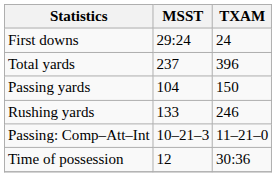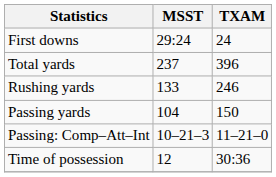 <table class="wikitable" style="float: left;">
 <tr>
 <th>Statistics</th>
 <th>MSST</th>
 <th>TXAM</th>
 </tr>
 <tr>
 <td>First downs</td>
 <td>29:24</td>
 <td>24</td>
 </tr>
 <tr>
 <td>Total yards</td>
 <td>237</td>
 <td>396</td>
 </tr>
 <tr>
+<td>Rushing yards</td>
+<td>133</td>
+<td>246</td>
+</tr>
+<tr>
 <td>Passing yards</td>
 <td>104</td>
 <td>150</td>
-</tr>
-<tr>
-<td>Rushing yards</td>
-<td>133</td>
-<td>246</td>
 </tr>
 <tr>
 <td>Passing: Comp–Att–Int</td>
 <td>10–21–3</td>
 <td>11–21–0</td>
 </tr>
 <tr>
 <td>Time of possession</td>
 <td>12</td>
 <td>30:36</td>
 </tr>
 <tr>
 </tr>
 </table>
